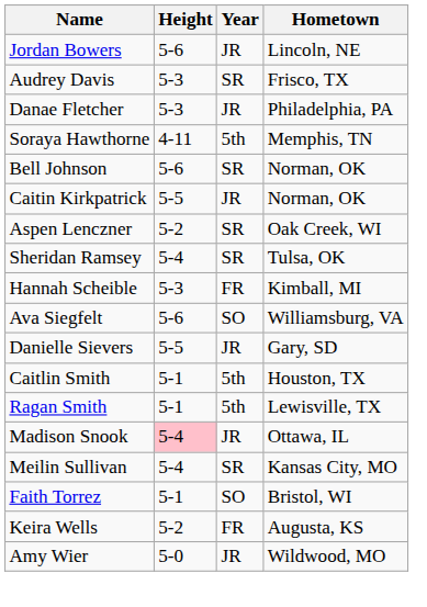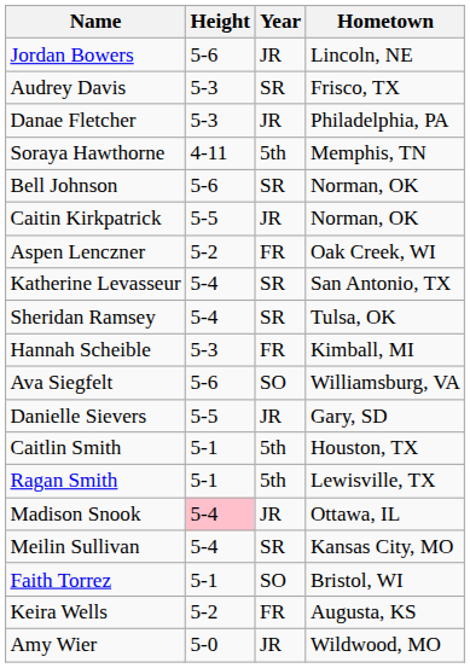 <table class="wikitable plainrowheaders sortable">
 <tr>
 <th scope="col">Name</th>
 <th scope="col">Height</th>
 <th scope="col">Year</th>
 <th scope="col">Hometown</th>
 </tr>
 <tr>
 <td><a href='#'>Jordan Bowers</a></td>
 <td>5-6</td>
 <td>JR</td>
 <td>Lincoln, NE</td>
 </tr>
 <tr>
 <td>Audrey Davis</td>
 <td>5-3</td>
 <td>SR</td>
 <td>Frisco, TX</td>
 </tr>
 <tr>
 <td>Danae Fletcher</td>
 <td>5-3</td>
 <td>JR</td>
 <td>Philadelphia, PA</td>
 </tr>
 <tr>
 <td>Soraya Hawthorne</td>
 <td>4-11</td>
 <td>5th</td>
 <td>Memphis, TN</td>
 </tr>
 <tr>
 <td>Bell Johnson</td>
 <td>5-6</td>
 <td>SR</td>
 <td>Norman, OK</td>
 </tr>
 <tr>
 <td>Caitin Kirkpatrick</td>
 <td>5-5</td>
 <td>JR</td>
 <td>Norman, OK</td>
 </tr>
 <tr>
 <td>Aspen Lenczner</td>
 <td>5-2</td>
+<td>FR</td>
+<td>Oak Creek, WI</td>
+</tr>
+<tr>
+<td>Katherine Levasseur</td>
+<td>5-4</td>
 <td>SR</td>
-<td>Oak Creek, WI</td>
+<td>San Antonio, TX</td>
 </tr>
 <tr>
 <td>Sheridan Ramsey</td>
 <td>5-4</td>
 <td>SR</td>
 <td>Tulsa, OK</td>
 </tr>
 <tr>
 <td>Hannah Scheible</td>
 <td>5-3</td>
 <td>FR</td>
 <td>Kimball, MI</td>
 </tr>
 <tr>
 <td>Ava Siegfelt</td>
 <td>5-6</td>
 <td>SO</td>
 <td>Williamsburg, VA</td>
 </tr>
 <tr>
 <td>Danielle Sievers</td>
 <td>5-5</td>
 <td>JR</td>
 <td>Gary, SD</td>
 </tr>
 <tr>
 <td>Caitlin Smith</td>
 <td>5-1</td>
 <td>5th</td>
 <td>Houston, TX</td>
 </tr>
 <tr>
 <td><a href='#'>Ragan Smith</a></td>
 <td>5-1</td>
 <td>5th</td>
 <td>Lewisville, TX</td>
 </tr>
 <tr>
 <td>Madison Snook</td>
 <td style="background: pink;">5-4</td>
 <td>JR</td>
 <td>Ottawa, IL</td>
 </tr>
 <tr>
 <td>Meilin Sullivan</td>
 <td>5-4</td>
 <td>SR</td>
 <td>Kansas City, MO</td>
 </tr>
 <tr>
 <td><a href='#'>Faith Torrez</a></td>
 <td>5-1</td>
 <td>SO</td>
 <td>Bristol, WI</td>
 </tr>
 <tr>
 <td>Keira Wells</td>
 <td>5-2</td>
 <td>FR</td>
 <td>Augusta, KS</td>
 </tr>
 <tr>
 <td>Amy Wier</td>
 <td>5-0</td>
 <td>JR</td>
 <td>Wildwood, MO</td>
 </tr>
 </table>
